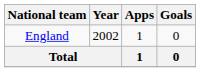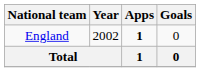 <table class=wikitable style=text-align:center>
 <tr>
 <th>National team</th>
 <th>Year</th>
 <th>Apps</th>
 <th>Goals</th>
 </tr>
 <tr>
 <td><a href='#'>England</a></td>
 <td>2002</td>
-<td>1</td>
+<td><strong>1</strong></td>
 <td>0</td>
 </tr>
 <tr>
 <th colspan=2>Total</th>
 <th>1</th>
 <th>0</th>
 </tr>
 <tr>
 </tr>
 </table>
